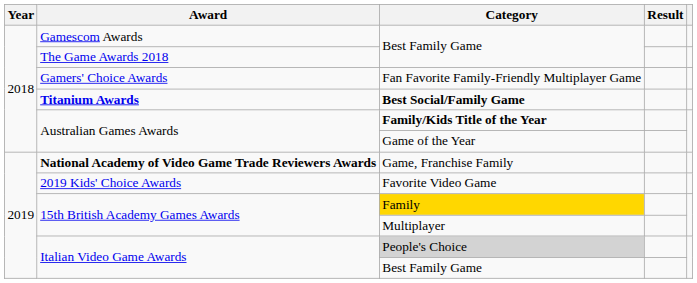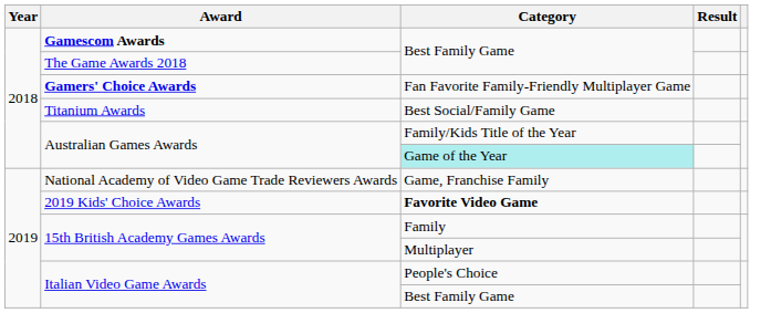 <table class="wikitable sortable">
 <tr>
 <th>Year</th>
 <th>Award</th>
 <th>Category</th>
 <th>Result</th>
 <th></th>
 </tr>
 <tr>
 <td style="text-align:center;" rowspan="6">2018</td>
-<td><a href='#'>Gamescom</a> Awards</td>
+<td><strong><a href='#'>Gamescom</a> Awards</strong></td>
 <td rowspan="2">Best Family Game</td>
 <td></td>
 <td style="text-align:center;"></td>
 </tr>
 <tr>
 <td><a href='#'>The Game Awards 2018</a></td>
 <td></td>
 <td style="text-align:center;"></td>
 </tr>
 <tr>
-<td><a href='#'>Gamers' Choice Awards</a></td>
+<td><strong><a href='#'>Gamers' Choice Awards</a></strong></td>
 <td>Fan Favorite Family-Friendly Multiplayer Game</td>
 <td></td>
 <td style="text-align:center;"></td>
 </tr>
 <tr>
-<td><strong><a href='#'>Titanium Awards</a></strong></td>
-<td><strong>Best Social/Family Game</strong></td>
+<td><a href='#'>Titanium Awards</a></td>
+<td>Best Social/Family Game</td>
 <td></td>
 <td style="text-align:center;"></td>
 </tr>
 <tr>
 <td rowspan="2">Australian Games Awards</td>
-<td><strong>Family/Kids Title of the Year</strong></td>
+<td>Family/Kids Title of the Year</td>
 <td></td>
 <td rowspan="2" style="text-align:center;"></td>
 </tr>
 <tr>
-<td>Game of the Year</td>
+<td style="background: paleturquoise;">Game of the Year</td>
 <td></td>
 </tr>
 <tr>
 <td style="text-align:center;" rowspan="6">2019</td>
-<td><strong>National Academy of Video Game Trade Reviewers Awards</strong></td>
+<td>National Academy of Video Game Trade Reviewers Awards</td>
 <td>Game, Franchise Family</td>
 <td></td>
 <td style="text-align:center;"></td>
 </tr>
 <tr>
 <td><a href='#'>2019 Kids' Choice Awards</a></td>
-<td>Favorite Video Game</td>
+<td><strong>Favorite Video Game</strong></td>
 <td></td>
 <td style="text-align:center;"></td>
 </tr>
 <tr>
 <td rowspan="2"><a href='#'>15th British Academy Games Awards</a></td>
-<td style="background: gold;">Family</td>
+<td>Family</td>
 <td></td>
 <td rowspan="2" style="text-align:center;"></td>
 </tr>
 <tr>
 <td>Multiplayer</td>
 <td></td>
 </tr>
 <tr>
 <td rowspan="2"><a href='#'>Italian Video Game Awards</a></td>
-<td style="background: lightgrey;">People's Choice</td>
+<td>People's Choice</td>
 <td></td>
 <td rowspan="2" style="text-align:center;"></td>
 </tr>
 <tr>
 <td>Best Family Game</td>
 <td></td>
 </tr>
 </table>
